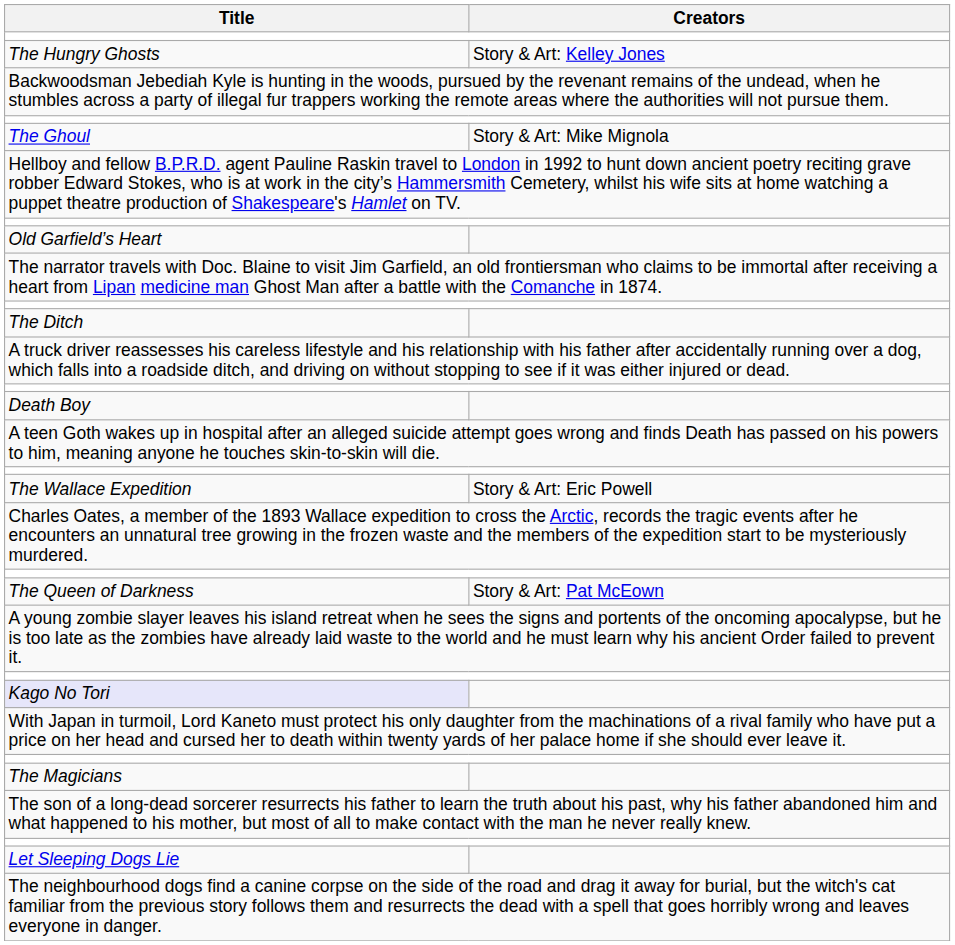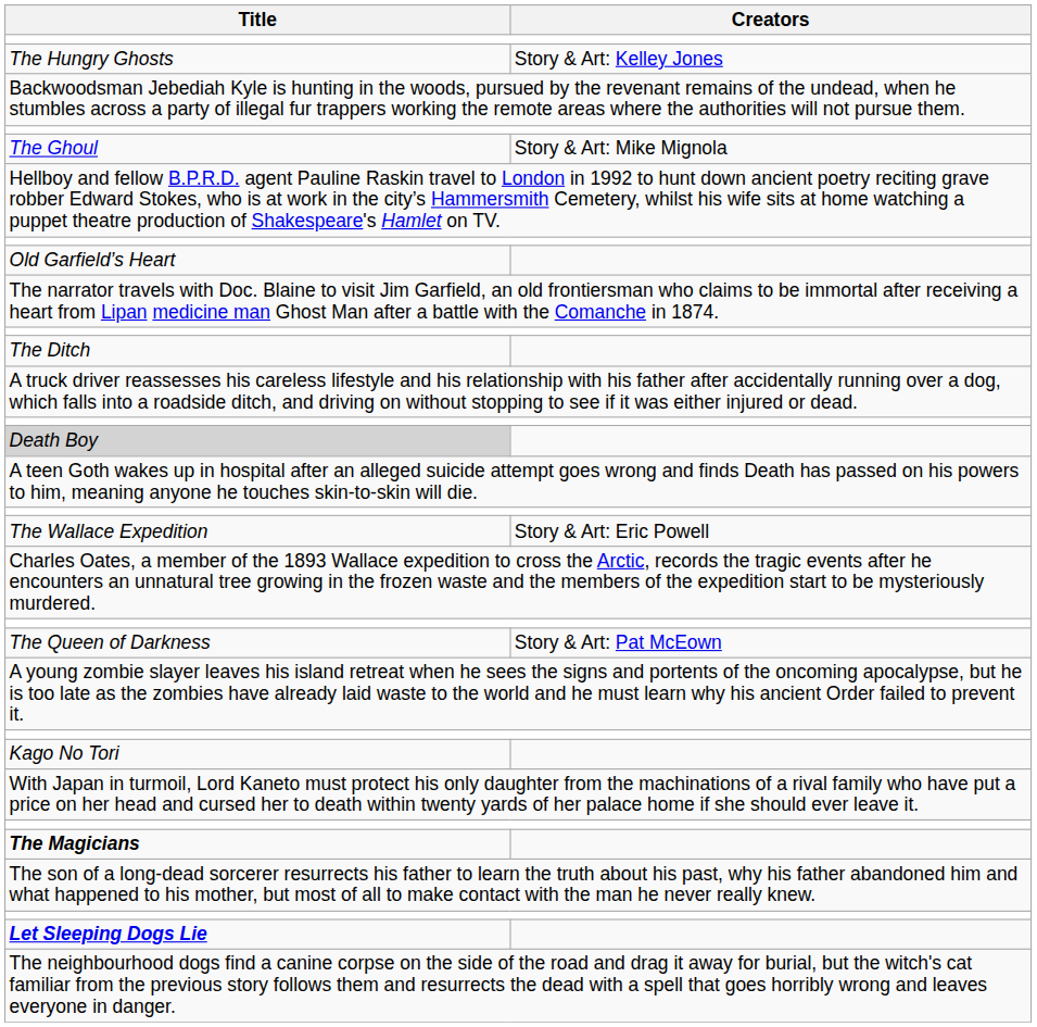 <table class="wikitable">
 <tr>
 <th>Title</th>
 <th>Creators</th>
 </tr>
 <tr>
 <td colspan="6" bgcolor="#FFFFFF"></td>
 </tr>
 <tr>
 <td><em>The Hungry Ghosts</em></td>
 <td>Story & Art: <a href='#'>Kelley Jones</a></td>
 </tr>
 <tr>
 <td colspan="6">Backwoodsman Jebediah Kyle is hunting in the woods, pursued by the revenant remains of the undead, when he stumbles across a party of illegal fur trappers working the remote areas where the authorities will not pursue them.</td>
 </tr>
 <tr>
 <td colspan="6" bgcolor="#FFFFFF"></td>
 </tr>
 <tr>
 <td><em><a href='#'>The Ghoul</a></em></td>
 <td>Story & Art: Mike Mignola</td>
 </tr>
 <tr>
 <td colspan="6">Hellboy and fellow <a href='#'>B.P.R.D.</a> agent Pauline Raskin travel to <a href='#'>London</a> in 1992 to hunt down ancient poetry reciting grave robber Edward Stokes, who is at work in the city’s <a href='#'>Hammersmith</a> Cemetery, whilst his wife sits at home watching a puppet theatre production of <a href='#'>Shakespeare</a>'s <em><a href='#'>Hamlet</a></em> on TV.</td>
 </tr>
 <tr>
 <td colspan="6" bgcolor="#FFFFFF"></td>
 </tr>
 <tr>
 <td><em>Old Garfield’s Heart</em></td>
 <td></td>
 </tr>
 <tr>
 <td colspan="6">The narrator travels with Doc. Blaine to visit Jim Garfield, an old frontiersman who claims to be immortal after receiving a heart from <a href='#'>Lipan</a> <a href='#'>medicine man</a> Ghost Man after a battle with the <a href='#'>Comanche</a> in 1874.</td>
 </tr>
 <tr>
 <td colspan="6" bgcolor="#FFFFFF"></td>
 </tr>
 <tr>
 <td><em>The Ditch</em></td>
 <td></td>
 </tr>
 <tr>
 <td colspan="6">A truck driver reassesses his careless lifestyle and his relationship with his father after accidentally running over a dog, which falls into a roadside ditch, and driving on without stopping to see if it was either injured or dead.</td>
 </tr>
 <tr>
 <td colspan="6" bgcolor="#FFFFFF"></td>
 </tr>
 <tr>
-<td><em>Death Boy</em></td>
+<td style="background: lightgrey;"><em>Death Boy</em></td>
 <td></td>
 </tr>
 <tr>
 <td colspan="6">A teen Goth wakes up in hospital after an alleged suicide attempt goes wrong and finds Death has passed on his powers to him, meaning anyone he touches skin-to-skin will die.</td>
 </tr>
 <tr>
 <td colspan="6" bgcolor="#FFFFFF"></td>
 </tr>
 <tr>
 <td><em>The Wallace Expedition</em></td>
 <td>Story & Art: Eric Powell</td>
 </tr>
 <tr>
 <td colspan="6">Charles Oates, a member of the 1893 Wallace expedition to cross the <a href='#'>Arctic</a>, records the tragic events after he encounters an unnatural tree growing in the frozen waste and the members of the expedition start to be mysteriously murdered.</td>
 </tr>
 <tr>
 <td colspan="6" bgcolor="#FFFFFF"></td>
 </tr>
 <tr>
 <td><em>The Queen of Darkness</em></td>
 <td>Story & Art: <a href='#'>Pat McEown</a></td>
 </tr>
 <tr>
 <td colspan="6">A young zombie slayer leaves his island retreat when he sees the signs and portents of the oncoming apocalypse, but he is too late as the zombies have already laid waste to the world and he must learn why his ancient Order failed to prevent it.</td>
 </tr>
 <tr>
 <td colspan="6" bgcolor="#FFFFFF"></td>
 </tr>
 <tr>
-<td style="background: lavender;"><em>Kago No Tori</em></td>
+<td><em>Kago No Tori</em></td>
 <td></td>
 </tr>
 <tr>
 <td colspan="6">With Japan in turmoil, Lord Kaneto must protect his only daughter from the machinations of a rival family who have put a price on her head and cursed her to death within twenty yards of her palace home if she should ever leave it.</td>
 </tr>
 <tr>
 <td colspan="6" bgcolor="#FFFFFF"></td>
 </tr>
 <tr>
-<td><em>The Magicians</em></td>
+<td><strong><em>The Magicians</em></strong></td>
 <td></td>
 </tr>
 <tr>
 <td colspan="6">The son of a long-dead sorcerer resurrects his father to learn the truth about his past, why his father abandoned him and what happened to his mother, but most of all to make contact with the man he never really knew.</td>
 </tr>
 <tr>
 <td colspan="6" bgcolor="#FFFFFF"></td>
 </tr>
 <tr>
-<td><em><a href='#'>Let Sleeping Dogs Lie</a></em></td>
+<td><strong><em><a href='#'>Let Sleeping Dogs Lie</a></em></strong></td>
 <td></td>
 </tr>
 <tr>
 <td colspan="6">The neighbourhood dogs find a canine corpse on the side of the road and drag it away for burial, but the witch's cat familiar from the previous story follows them and resurrects the dead with a spell that goes horribly wrong and leaves everyone in danger.</td>
 </tr>
 </table>
